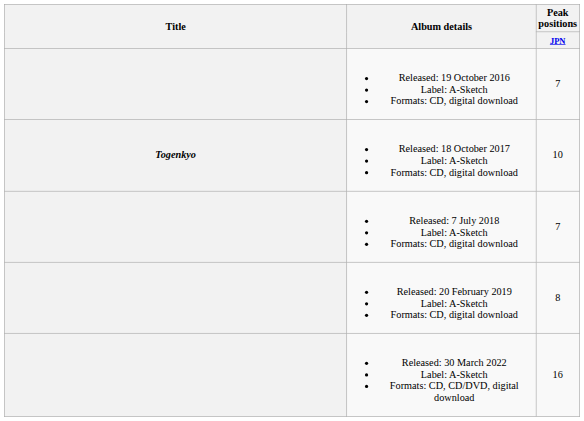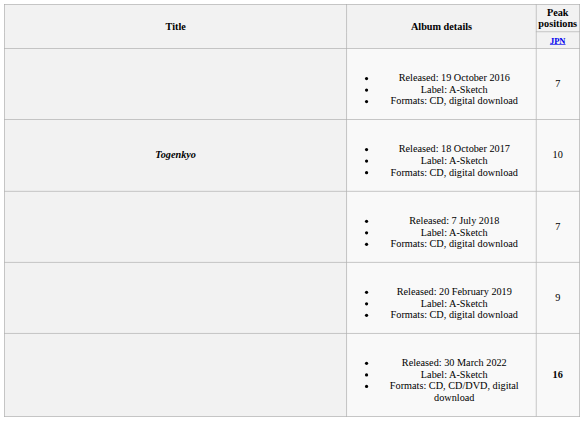 <table class="wikitable plainrowheaders" style="text-align:center;">
 <tr>
 <th scope="col" style="width:33em;" rowspan="2">Title</th>
 <th scope="col" style="width:18em;" rowspan="2">Album details</th>
 <th scope="col" colspan="1">Peak positions</th>
 </tr>
 <tr>
 <th scope="col" style="width:2.5em;"><small><a href='#'>JPN</a></small><br></th>
 </tr>
 <tr>
 <th scope="row"></th>
 <td><br><ul><li>Released: 19 October 2016 </li><li>Label: A-Sketch</li><li>Formats: CD, digital download</li></ul></td>
 <td>7</td>
 </tr>
 <tr>
 <th scope="row"><em>Togenkyo</em></th>
 <td><br><ul><li>Released: 18 October 2017</li><li>Label: A-Sketch</li><li>Formats: CD, digital download</li></ul></td>
 <td>10</td>
 </tr>
 <tr>
 <th scope="row"></th>
 <td><br><ul><li>Released: 7 July 2018</li><li>Label: A-Sketch</li><li>Formats: CD, digital download</li></ul></td>
 <td>7</td>
 </tr>
 <tr>
 <th scope="row"></th>
 <td><br><ul><li>Released: 20 February 2019</li><li>Label: A-Sketch</li><li>Formats: CD, digital download</li></ul></td>
-<td>8</td>
+<td>9</td>
 </tr>
 <tr>
 <th scope="row"></th>
 <td><br><ul><li>Released: 30 March 2022</li><li>Label: A-Sketch</li><li>Formats: CD, CD/DVD, digital download</li></ul></td>
-<td>16</td>
+<td><strong>16</strong></td>
 </tr>
 </table>
